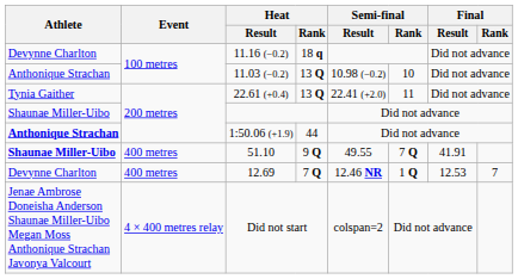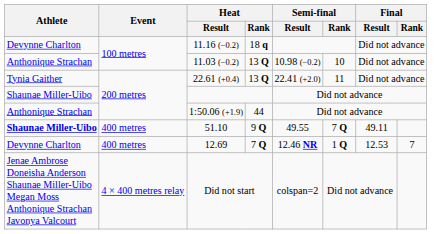 <table class=wikitable style=font-size:90%>
 <tr>
 <th rowspan=2>Athlete</th>
 <th rowspan=2>Event</th>
 <th colspan=2>Heat</th>
 <th colspan=2>Semi-final</th>
 <th colspan=2>Final</th>
 </tr>
 <tr style=font-size:95%>
 <th>Result</th>
 <th>Rank</th>
 <th>Result</th>
 <th>Rank</th>
 <th>Result</th>
 <th>Rank</th>
 </tr>
 <tr align=center>
 <td align=left><a href='#'>Devynne Charlton</a></td>
 <td align=left rowspan=2><a href='#'>100 metres</a></td>
 <td>11.16 <small>(−0.2)</small></td>
 <td>18 <strong>q</strong></td>
 <td colspan=2></td>
 <td colspan=2>Did not advance</td>
 </tr>
 <tr align=center>
 <td align=left><a href='#'>Anthonique Strachan</a></td>
 <td>11.03 <small>(−0.2)</small></td>
 <td>13 <strong>Q</strong></td>
 <td>10.98 <small>(−0.2)</small> </td>
 <td>10</td>
 <td colspan="2">Did not advance</td>
 </tr>
 <tr align=center>
 <td align=left><a href='#'>Tynia Gaither</a></td>
 <td align=left rowspan=3><a href='#'>200 metres</a></td>
 <td>22.61 <small>(+0.4)</small></td>
 <td>13 <strong>Q</strong></td>
 <td>22.41 <small>(+2.0)</small> </td>
 <td>11</td>
 <td colspan=2>Did not advance</td>
 </tr>
 <tr align=center>
 <td align=left><a href='#'>Shaunae Miller-Uibo</a></td>
 <td colspan=2></td>
 <td colspan=4>Did not advance</td>
 </tr>
 <tr align=center>
-<td align=left><strong><a href='#'>Anthonique Strachan</a></strong></td>
+<td align=left><a href='#'>Anthonique Strachan</a></td>
 <td>1:50.06 <small>(+1.9)</small></td>
 <td>44</td>
 <td colspan=4>Did not advance</td>
 </tr>
 <tr align=center>
 <td align=left><strong><a href='#'>Shaunae Miller-Uibo</a></strong></td>
 <td align=left><a href='#'>400 metres</a></td>
 <td>51.10</td>
 <td>9 <strong>Q</strong></td>
 <td>49.55 </td>
 <td>7 <strong>Q</strong></td>
-<td>41.91	</td>
+<td>49.11	</td>
 <td></td>
 </tr>
 <tr align=center>
 <td align=left><a href='#'>Devynne Charlton</a></td>
 <td align=left><a href='#'>400 metres</a></td>
 <td>12.69</td>
 <td>7 <strong>Q</strong></td>
 <td>12.46 <strong><a href='#'>NR</a></strong></td>
 <td>1 <strong>Q</strong></td>
 <td>12.53</td>
 <td>7</td>
 </tr>
 <tr align=center>
 <td align=left><a href='#'>Jenae Ambrose</a><br><a href='#'>Doneisha Anderson</a><br><a href='#'>Shaunae Miller-Uibo</a><br><a href='#'>Megan Moss</a><br><a href='#'>Anthonique Strachan</a><br><a href='#'>Javonya Valcourt</a></td>
 <td align=left><a href='#'>4 × 400 metres relay</a></td>
 <td colspan=2>Did not start</td>
 <td>colspan=2</td>
 <td colspan=2>Did not advance</td>
 </tr>
 </table>
